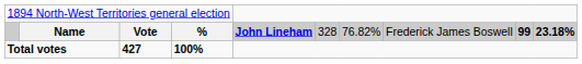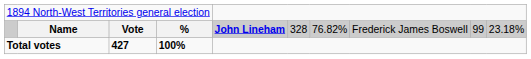 <table class="wikitable">
 <tr>
 <td colspan=4 align=center><a href='#'>1894 North-West Territories general election</a></td>
 </tr>
 <tr bgcolor="CCCCCC">
 <td></td>
 <th>Name</th>
 <th>Vote</th>
 <th>%<br></th>
 <td><strong><a href='#'>John Lineham</a></strong></td>
 <td>328</td>
 <td>76.82%<br></td>
 <td>Frederick James Boswell</td>
-<td><strong>99</strong></td>
-<td><strong>23.18%</strong></td>
+<td>99</td>
+<td>23.18%</td>
 </tr>
 <tr>
 <td colspan=2><strong>Total votes</strong></td>
 <td><strong>427</strong></td>
 <td><strong>100%</strong></td>
 </tr>
 </table>
